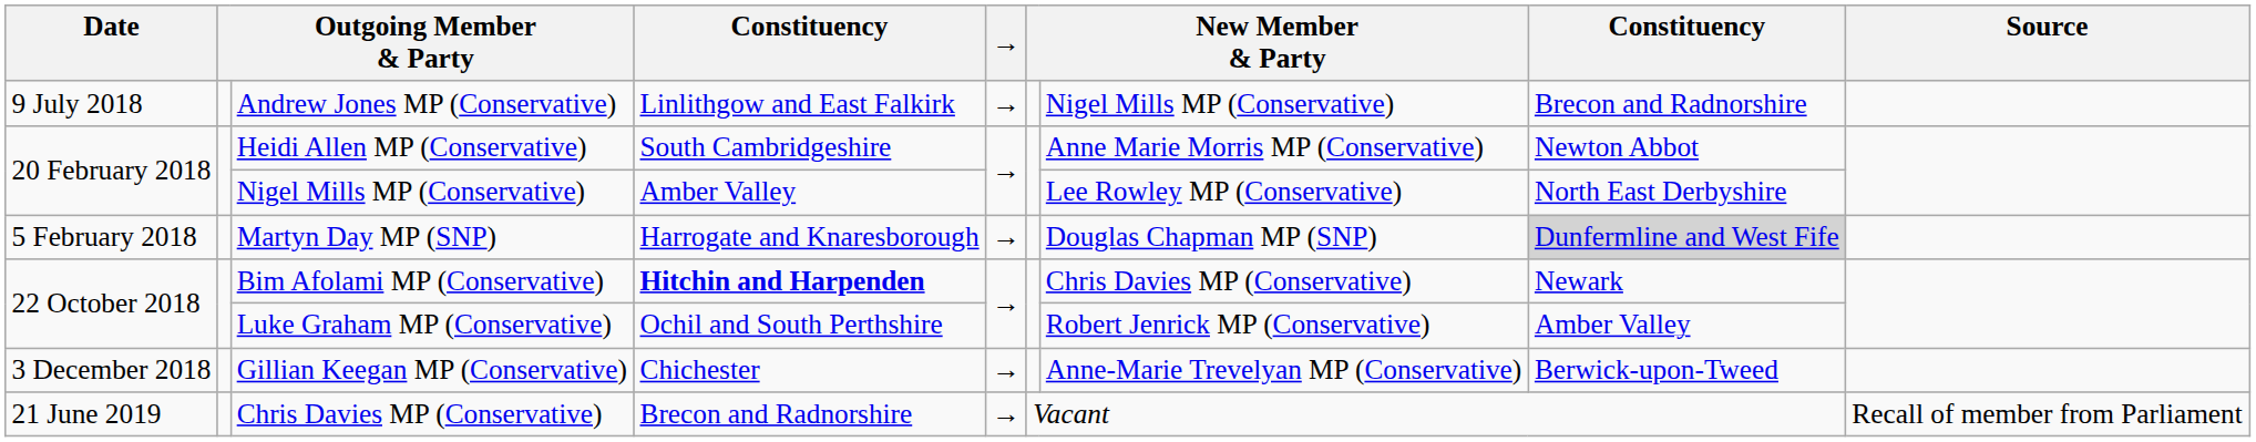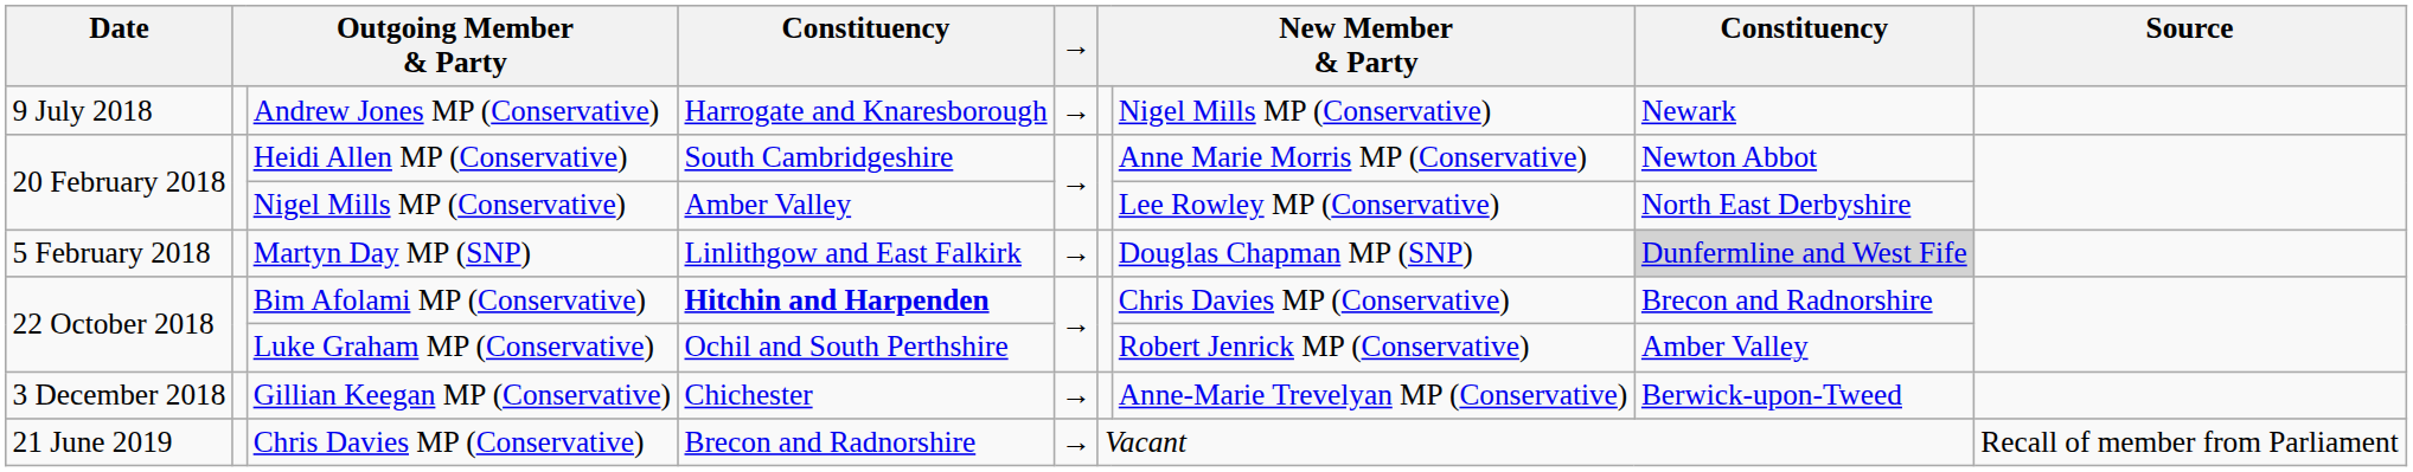 <table class="wikitable">
 <tr>
 <th valign="top">Date</th>
 <th colspan="2" valign="top">Outgoing Member<br>& Party</th>
 <th valign="top">Constituency</th>
 <th>→</th>
 <th colspan="2" valign="top">New Member<br>& Party</th>
 <th valign="top">Constituency</th>
 <th valign="top">Source</th>
 </tr>
 <tr>
 <td>9 July 2018</td>
 <td style="color:inherit;background:"></td>
 <td><a href='#'>Andrew Jones</a> MP (<a href='#'>Conservative</a>)</td>
-<td><a href='#'>Linlithgow and East Falkirk</a></td>
+<td><a href='#'>Harrogate and Knaresborough</a></td>
 <td>→</td>
 <td style="color:inherit;background:"></td>
 <td><a href='#'>Nigel Mills</a> MP (<a href='#'>Conservative</a>)</td>
-<td><a href='#'>Brecon and Radnorshire</a></td>
+<td><a href='#'>Newark</a></td>
 <td></td>
 </tr>
 <tr>
 <td rowspan=2>20 February 2018</td>
 <td rowspan=2 style="color:inherit;background:"></td>
 <td><a href='#'>Heidi Allen</a> MP (<a href='#'>Conservative</a>)</td>
 <td><a href='#'>South Cambridgeshire</a></td>
 <td rowspan=2>→</td>
 <td rowspan=2 style="color:inherit;background:"></td>
 <td><a href='#'>Anne Marie Morris</a> MP (<a href='#'>Conservative</a>)</td>
 <td><a href='#'>Newton Abbot</a></td>
 <td rowspan=2></td>
 </tr>
 <tr>
 <td><a href='#'>Nigel Mills</a> MP (<a href='#'>Conservative</a>)</td>
 <td><a href='#'>Amber Valley</a></td>
 <td><a href='#'>Lee Rowley</a> MP (<a href='#'>Conservative</a>)</td>
 <td><a href='#'>North East Derbyshire</a></td>
 </tr>
 <tr>
 <td>5 February 2018</td>
 <td style="color:inherit;background:"></td>
 <td><a href='#'>Martyn Day</a> MP (<a href='#'>SNP</a>)</td>
-<td><a href='#'>Harrogate and Knaresborough</a></td>
+<td><a href='#'>Linlithgow and East Falkirk</a></td>
 <td>→</td>
 <td style="color:inherit;background:"></td>
 <td><a href='#'>Douglas Chapman</a> MP (<a href='#'>SNP</a>)</td>
 <td style="background: lightgrey;"><a href='#'>Dunfermline and West Fife</a></td>
 <td></td>
 </tr>
 <tr>
 <td rowspan=2>22 October 2018</td>
 <td rowspan=2 style="color:inherit;background:"></td>
 <td><a href='#'>Bim Afolami</a> MP (<a href='#'>Conservative</a>)</td>
 <td><strong><a href='#'>Hitchin and Harpenden</a></strong></td>
 <td rowspan=2>→</td>
 <td rowspan=2 style="color:inherit;background:"></td>
 <td><a href='#'>Chris Davies</a> MP (<a href='#'>Conservative</a>)</td>
-<td><a href='#'>Newark</a></td>
+<td><a href='#'>Brecon and Radnorshire</a></td>
 <td rowspan=2></td>
 </tr>
 <tr>
 <td><a href='#'>Luke Graham</a> MP (<a href='#'>Conservative</a>)</td>
 <td><a href='#'>Ochil and South Perthshire</a></td>
 <td><a href='#'>Robert Jenrick</a> MP (<a href='#'>Conservative</a>)</td>
 <td><a href='#'>Amber Valley</a></td>
 </tr>
 <tr>
 <td>3 December 2018</td>
 <td style="color:inherit;background:"></td>
 <td><a href='#'>Gillian Keegan</a> MP (<a href='#'>Conservative</a>)</td>
 <td><a href='#'>Chichester</a></td>
 <td>→</td>
 <td style="color:inherit;background:"></td>
 <td><a href='#'>Anne-Marie Trevelyan</a> MP (<a href='#'>Conservative</a>)</td>
 <td><a href='#'>Berwick-upon-Tweed</a></td>
 <td></td>
 </tr>
 <tr>
 <td>21 June 2019</td>
 <td style="color:inherit;background:"></td>
 <td><a href='#'>Chris Davies</a> MP (<a href='#'>Conservative</a>)</td>
 <td><a href='#'>Brecon and Radnorshire</a></td>
 <td>→</td>
 <td colspan=3><em>Vacant</em></td>
 <td>Recall of member from Parliament</td>
 </tr>
 </table>
